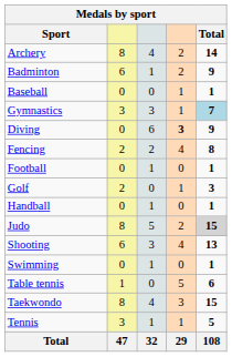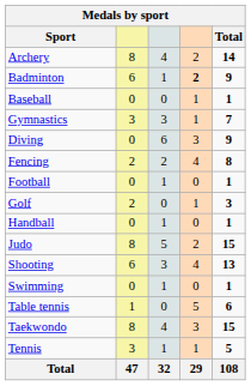 <table class="wikitable" style="font-size:90%; text-align:center;">
 <tr>
 <th colspan=5>Medals by sport</th>
 </tr>
 <tr>
 <th width=120>Sport</th>
 <th scope="col" width=30 style="background:#F7F6A8;"></th>
 <th scope="col" width=30 style="background:#DCE5E5;"></th>
 <th scope="col" width=30 style="background:#FFDAB9;"></th>
 <th width=30>Total</th>
 </tr>
 <tr>
 <td align=left><a href='#'>Archery</a></td>
 <td style="background:#F7F6A8;">8</td>
 <td style="background:#DCE5E5;">4</td>
 <td style="background:#FFDAB9;">2</td>
 <td><strong>14</strong></td>
 </tr>
 <tr>
 <td align=left><a href='#'>Badminton</a></td>
 <td style="background:#F7F6A8;">6</td>
 <td style="background:#DCE5E5;">1</td>
-<td style="background:#FFDAB9;">2</td>
+<td style="background:#FFDAB9;"><strong>2</strong></td>
 <td><strong>9</strong></td>
 </tr>
 <tr>
 <td align=left><a href='#'>Baseball</a></td>
 <td style="background:#F7F6A8;">0</td>
 <td style="background:#DCE5E5;">0</td>
 <td style="background:#FFDAB9;">1</td>
 <td><strong>1</strong></td>
 </tr>
 <tr>
 <td align=left><a href='#'>Gymnastics</a></td>
 <td style="background:#F7F6A8;">3</td>
 <td style="background:#DCE5E5;">3</td>
 <td style="background:#FFDAB9;">1</td>
-<td style="background: lightblue;"><strong>7</strong></td>
+<td><strong>7</strong></td>
 </tr>
 <tr>
 <td align=left><a href='#'>Diving</a></td>
 <td style="background:#F7F6A8;">0</td>
 <td style="background:#DCE5E5;">6</td>
-<td style="background:#FFDAB9;"><strong>3</strong></td>
+<td style="background:#FFDAB9;">3</td>
 <td><strong>9</strong></td>
 </tr>
 <tr>
 <td align=left><a href='#'>Fencing</a></td>
 <td style="background:#F7F6A8;">2</td>
 <td style="background:#DCE5E5;">2</td>
 <td style="background:#FFDAB9;">4</td>
 <td><strong>8</strong></td>
 </tr>
 <tr>
 <td align=left><a href='#'>Football</a></td>
 <td style="background:#F7F6A8;">0</td>
 <td style="background:#DCE5E5;">1</td>
 <td style="background:#FFDAB9;">0</td>
 <td><strong>1</strong></td>
 </tr>
 <tr>
 <td align=left><a href='#'>Golf</a></td>
 <td style="background:#F7F6A8;">2</td>
 <td style="background:#DCE5E5;">0</td>
 <td style="background:#FFDAB9;">1</td>
 <td><strong>3</strong></td>
 </tr>
 <tr>
 <td align=left><a href='#'>Handball</a></td>
 <td style="background:#F7F6A8;">0</td>
 <td style="background:#DCE5E5;">1</td>
 <td style="background:#FFDAB9;">0</td>
 <td><strong>1</strong></td>
 </tr>
 <tr>
 <td align=left><a href='#'>Judo</a></td>
 <td style="background:#F7F6A8;">8</td>
 <td style="background:#DCE5E5;">5</td>
 <td style="background:#FFDAB9;">2</td>
-<td style="background: lightgrey;"><strong>15</strong></td>
+<td><strong>15</strong></td>
 </tr>
 <tr>
 <td align=left><a href='#'>Shooting</a></td>
 <td style="background:#F7F6A8;">6</td>
 <td style="background:#DCE5E5;">3</td>
 <td style="background:#FFDAB9;">4</td>
 <td><strong>13</strong></td>
 </tr>
 <tr>
 <td align=left><a href='#'>Swimming</a></td>
 <td style="background:#F7F6A8;">0</td>
 <td style="background:#DCE5E5;">1</td>
 <td style="background:#FFDAB9;">0</td>
 <td><strong>1</strong></td>
 </tr>
 <tr>
 <td align=left><a href='#'>Table tennis</a></td>
 <td style="background:#F7F6A8;">1</td>
 <td style="background:#DCE5E5;">0</td>
 <td style="background:#FFDAB9;">5</td>
 <td><strong>6</strong></td>
 </tr>
 <tr>
 <td align=left><a href='#'>Taekwondo</a></td>
 <td style="background:#F7F6A8;">8</td>
 <td style="background:#DCE5E5;">4</td>
 <td style="background:#FFDAB9;">3</td>
 <td><strong>15</strong></td>
 </tr>
 <tr>
 <td align=left><a href='#'>Tennis</a></td>
 <td style="background:#F7F6A8;">3</td>
 <td style="background:#DCE5E5;">1</td>
 <td style="background:#FFDAB9;">1</td>
 <td><strong>5</strong></td>
 </tr>
 <tr class="sortbottom">
 <th>Total</th>
 <th>47</th>
 <th>32</th>
 <th>29</th>
 <th>108</th>
 </tr>
 </table>
